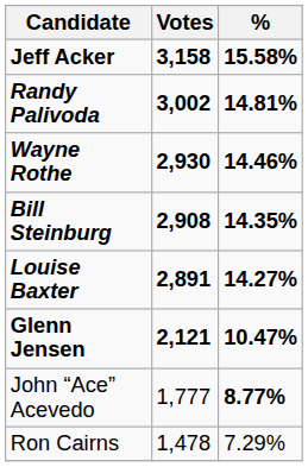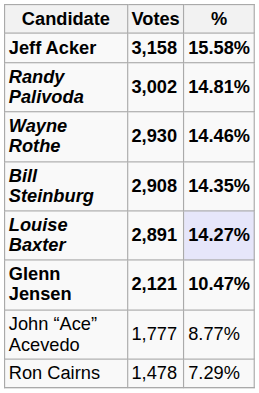 <table class="wikitable" style="width:220px">
 <tr>
 <th>Candidate</th>
 <th>Votes</th>
 <th>%</th>
 </tr>
 <tr>
 <td><strong>Jeff Acker</strong></td>
 <td><strong>3,158</strong></td>
 <td><strong>15.58%</strong></td>
 </tr>
 <tr>
 <td><strong><em>Randy Palivoda</em></strong></td>
 <td><strong>3,002</strong></td>
 <td><strong>14.81%</strong></td>
 </tr>
 <tr>
 <td><strong><em>Wayne Rothe</em></strong></td>
 <td><strong>2,930</strong></td>
 <td><strong>14.46%</strong></td>
 </tr>
 <tr>
 <td><strong><em>Bill Steinburg</em></strong></td>
 <td><strong>2,908</strong></td>
 <td><strong>14.35%</strong></td>
 </tr>
 <tr>
 <td><strong><em>Louise Baxter</em></strong></td>
 <td><strong>2,891</strong></td>
-<td><strong>14.27%</strong></td>
+<td style="background: lavender;"><strong>14.27%</strong></td>
 </tr>
 <tr>
 <td><strong>Glenn Jensen</strong></td>
 <td><strong>2,121</strong></td>
 <td><strong>10.47%</strong></td>
 </tr>
 <tr>
 <td>John “Ace” Acevedo</td>
 <td>1,777</td>
-<td><strong>8.77%</strong></td>
+<td>8.77%</td>
 </tr>
 <tr>
 <td>Ron Cairns</td>
 <td>1,478</td>
 <td>7.29%</td>
 </tr>
 <tr>
 </tr>
 </table>
